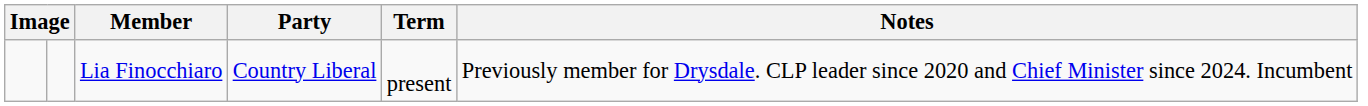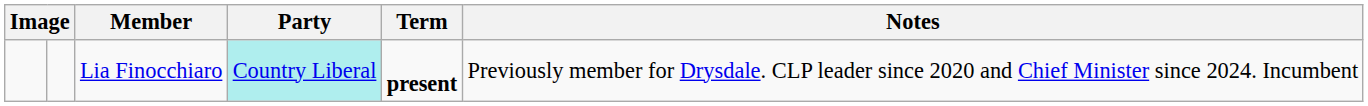 <table class="wikitable" style="text-align:center">
 <tr>
 <th colspan=2>Image</th>
 <th>Member</th>
 <th>Party</th>
 <th>Term</th>
 <th>Notes</th>
 </tr>
 <tr>
 <td> </td>
 <td></td>
 <td><a href='#'>Lia Finocchiaro</a><br></td>
-<td><a href='#'>Country Liberal</a></td>
-<td><br>present</td>
+<td style="background: paleturquoise;"><a href='#'>Country Liberal</a></td>
+<td><strong><br>present</strong></td>
 <td>Previously member for <a href='#'>Drysdale</a>. CLP leader since 2020 and <a href='#'>Chief Minister</a> since 2024. Incumbent</td>
 </tr>
 </table>
